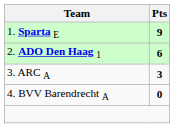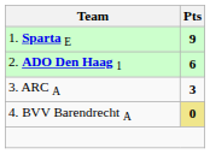 <table class="wikitable" style="text-align:center; float:left; margin-right:1em;">
 <tr>
 <th style="width:200px">Team</th>
 <th width=20>Pts</th>
 </tr>
 <tr bgcolor=ccffcc>
 <td align=left>1. <strong><a href='#'>Sparta</a></strong> <sub>E</sub></td>
 <td><strong>9</strong></td>
 </tr>
 <tr bgcolor=ccffcc>
 <td align=left>2. <strong><a href='#'>ADO Den Haag</a></strong> <sub>1</sub></td>
 <td><strong>6</strong></td>
 </tr>
 <tr>
 <td align=left>3. ARC <sub>A</sub></td>
 <td><strong>3</strong></td>
 </tr>
 <tr>
 <td align=left>4. BVV Barendrecht <sub>A</sub></td>
-<td><strong>0</strong></td>
+<td style="background: khaki;"><strong>0</strong></td>
 </tr>
 <tr>
 <td colspan=2> </td>
 </tr>
 </table>
